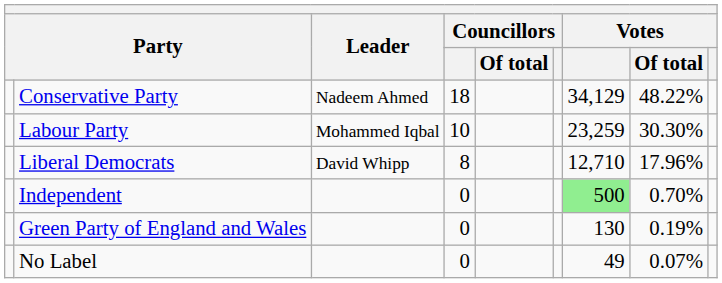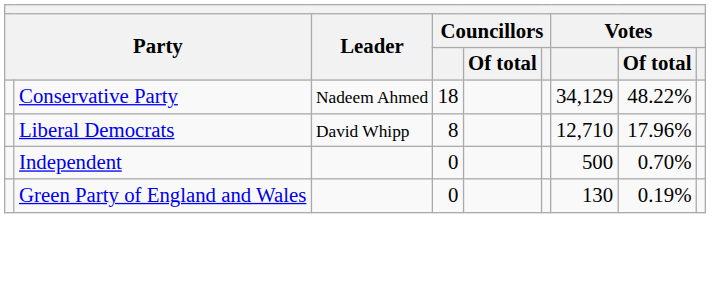 <table class="wikitable sortable" style="text-align:center;">
 <tr>
 <th colspan="9"></th>
 </tr>
 <tr>
 <th colspan="2" rowspan="2">Party</th>
 <th rowspan="2">Leader</th>
 <th colspan="3">Councillors</th>
 <th colspan="3">Votes</th>
 </tr>
 <tr>
 <th></th>
 <th>Of total</th>
 <th class="unsortable"></th>
 <th></th>
 <th>Of total</th>
 <th class="unsortable"></th>
 </tr>
 <tr>
 <td style="background:"></td>
 <td style="text-align:left;"><a href='#'>Conservative Party</a></td>
 <td style="text-align:left;"><small>Nadeem Ahmed</small></td>
 <td style="text-align:right;">18</td>
 <td style="text-align:right;"></td>
 <td data-sort-value=""></td>
 <td style="text-align:right;">34,129</td>
 <td style="text-align:right;">48.22%</td>
 <td></td>
 </tr>
 <tr>
 <td style="background:"></td>
-<td style="text-align:left;"><a href='#'>Labour Party</a></td>
-<td style="text-align:left;"><small>Mohammed Iqbal</small></td>
-<td style="text-align:right;">10</td>
-<td style="text-align:right;"></td>
-<td data-sort-value=""></td>
-<td style="text-align:right;">23,259</td>
-<td style="text-align:right;">30.30%</td>
-<td></td>
-</tr>
-<tr>
-<td style="background:"></td>
 <td style="text-align:left;"><a href='#'>Liberal Democrats</a></td>
 <td style="text-align:left;"><small>David Whipp</small></td>
 <td style="text-align:right;">8</td>
 <td style="text-align:right;"></td>
 <td data-sort-value=""></td>
 <td style="text-align:right;">12,710</td>
 <td style="text-align:right;">17.96%</td>
 <td></td>
 </tr>
 <tr>
 <td style="background:"></td>
 <td style="text-align:left;"><a href='#'>Independent</a></td>
 <td style="text-align:left;"><small></small></td>
 <td style="text-align:right;">0</td>
 <td style="text-align:right;"></td>
 <td data-sort-value=""></td>
-<td style="background: lightgreen; text-align:right;">500</td>
+<td style="text-align:right;">500</td>
 <td style="text-align:right;">0.70%</td>
 <td></td>
 </tr>
 <tr>
 <td style="background:"></td>
 <td style="text-align:left;"><a href='#'>Green Party of England and Wales</a></td>
 <td style="text-align:left;"><small></small></td>
 <td style="text-align:right;">0</td>
 <td style="text-align:right;"></td>
 <td data-sort-value=""></td>
 <td style="text-align:right;">130</td>
 <td style="text-align:right;">0.19%</td>
 <td></td>
 </tr>
-<tr>
-<td style="background:"></td>
-<td style="text-align:left;">No Label</td>
-<td style="text-align:left;"><small></small></td>
-<td style="text-align:right;">0</td>
-<td style="text-align:right;"></td>
-<td data-sort-value=""></td>
-<td style="text-align:right;">49</td>
-<td style="text-align:right;">0.07%</td>
-<td></td>
-</tr>
 </table>
